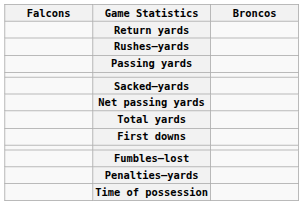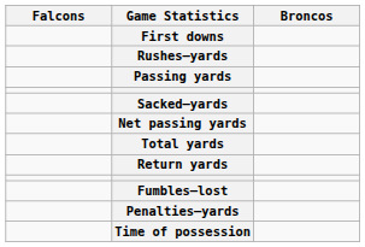 <table class="wikitable" style="margin: 1em auto 1em auto">
 <tr>
 <th style="width:30%;">Falcons</th>
 <th style="width:40%;">Game Statistics</th>
 <th style="width:30%;">Broncos</th>
 </tr>
 <tr>
 <td style="text-align:right;"></td>
-<th>Return yards</th>
+<th>First downs</th>
 <td></td>
 </tr>
 <tr>
 <td style="text-align:right;"></td>
 <th>Rushes–yards</th>
 <td></td>
 </tr>
 <tr>
 <td style="text-align:right;"></td>
 <th>Passing yards</th>
 <td></td>
 </tr>
 <tr>
 <td style="text-align:right;"></td>
 <th></th>
 <td></td>
 </tr>
 <tr>
 <td style="text-align:right;"></td>
 <th>Sacked–yards</th>
 <td></td>
 </tr>
 <tr>
 <td style="text-align:right;"></td>
 <th>Net passing yards</th>
 <td></td>
 </tr>
 <tr>
 <td style="text-align:right;"></td>
 <th>Total yards</th>
 <td></td>
 </tr>
 <tr>
 <td style="text-align:right;"></td>
-<th>First downs</th>
+<th>Return yards</th>
 <td></td>
 </tr>
 <tr>
 <td style="text-align:right;"></td>
 <th></th>
 <td></td>
 </tr>
 <tr>
 <td style="text-align:right;"></td>
 <th>Fumbles–lost</th>
 <td></td>
 </tr>
 <tr>
 <td style="text-align:right;"></td>
 <th>Penalties–yards</th>
 <td></td>
 </tr>
 <tr>
 <td style="text-align:right;"></td>
 <th>Time of possession</th>
 <td></td>
 </tr>
 </table>
